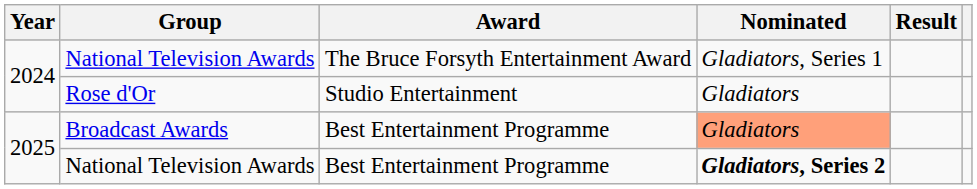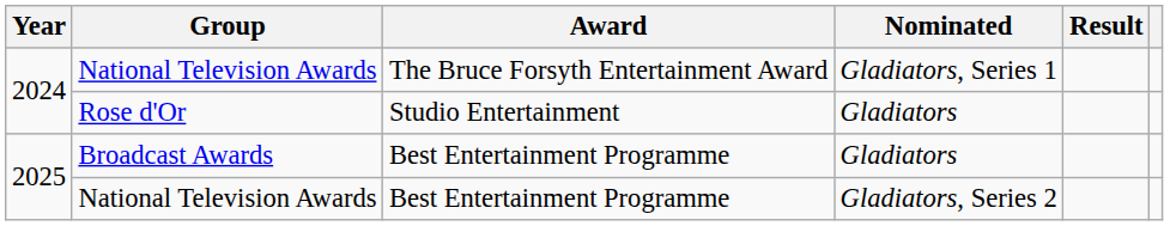 <table class="wikitable">
 <tr>
 <th>Year</th>
 <th>Group</th>
 <th>Award</th>
 <th>Nominated</th>
 <th>Result</th>
 <th></th>
 </tr>
 <tr>
 <td rowspan=2>2024</td>
 <td><a href='#'>National Television Awards</a></td>
 <td>The Bruce Forsyth Entertainment Award</td>
 <td><em>Gladiators</em>, Series 1</td>
 <td></td>
 <td></td>
 </tr>
 <tr>
 <td><a href='#'>Rose d'Or</a></td>
 <td>Studio Entertainment</td>
 <td><em>Gladiators</em></td>
 <td></td>
 <td></td>
 </tr>
 <tr>
 <td rowspan="2">2025</td>
 <td><a href='#'>Broadcast Awards</a></td>
 <td>Best Entertainment Programme</td>
-<td style="background: lightsalmon;"><em>Gladiators</em></td>
+<td><em>Gladiators</em></td>
 <td></td>
 <td></td>
 </tr>
 <tr>
 <td>National Television Awards</td>
 <td>Best Entertainment Programme</td>
-<td><strong><em>Gladiators</em>, Series 2</strong></td>
+<td><em>Gladiators</em>, Series 2</td>
 <td></td>
 <td></td>
 </tr>
 </table>
